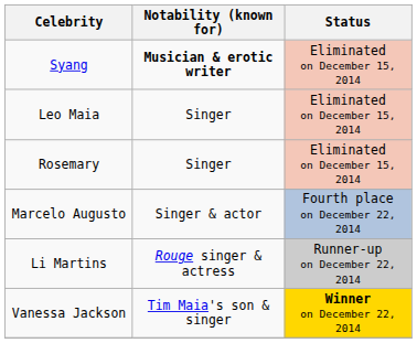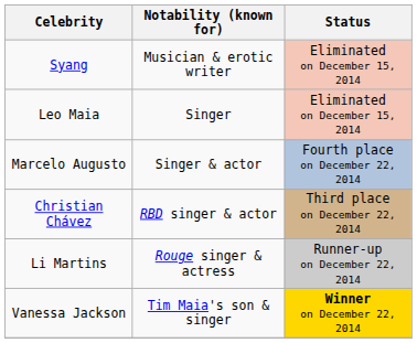 <table class= "wikitable sortable" style="text-align: center; margin:auto; align: center">
 <tr>
 <th width=125>Celebrity</th>
 <th width=150>Notability (known for)</th>
 <th width=125>Status</th>
 </tr>
 <tr>
 <td><a href='#'>Syang</a></td>
-<td><strong>Musician & erotic writer</strong></td>
+<td>Musician & erotic writer</td>
 <td bgcolor="F4C7B8">Eliminated<br><small>on December 15, 2014</small></td>
 </tr>
 <tr>
 <td>Leo Maia</td>
 <td>Singer</td>
 <td bgcolor="F4C7B8">Eliminated<br><small>on December 15, 2014</small></td>
 </tr>
 <tr>
-<td>Rosemary</td>
-<td>Singer</td>
-<td bgcolor="F4C7B8">Eliminated<br><small>on December 15, 2014</small></td>
-</tr>
-<tr>
 <td>Marcelo Augusto</td>
 <td>Singer & actor</td>
 <td bgcolor="B0C4DE">Fourth place<br><small>on December 22, 2014</small></td>
+</tr>
+<tr>
+<td><a href='#'>Christian Chávez</a></td>
+<td><em><a href='#'>RBD</a></em> singer & actor</td>
+<td bgcolor="D2B48C">Third place<br><small>on December 22, 2014</small></td>
 </tr>
 <tr>
 <td>Li Martins</td>
 <td><em><a href='#'>Rouge</a></em> singer & actress</td>
 <td bgcolor="CCCCCC">Runner-up<br><small>on December 22, 2014</small></td>
 </tr>
 <tr>
 <td>Vanessa Jackson</td>
 <td><a href='#'>Tim Maia</a>'s son & singer</td>
 <td bgcolor="FFD700"><strong>Winner</strong><br><small>on December 22, 2014</small></td>
 </tr>
 <tr>
 </tr>
 </table>
